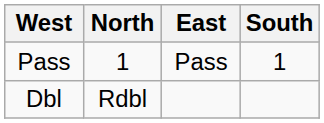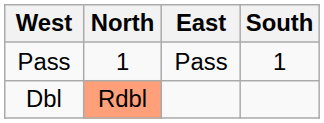 <table class='wikitable'>
 <tr>
 <th width="25%"><strong>West </strong></th>
 <th width="25%"><strong>North </strong></th>
 <th width="25%"><strong>East </strong></th>
 <th width="25%"><strong>South</strong></th>
 </tr>
 <tr align=center>
 <td>Pass</td>
 <td>1</td>
 <td>Pass</td>
 <td>1</td>
 </tr>
 <tr align=center>
 <td>Dbl</td>
-<td>Rdbl</td>
+<td style="background: lightsalmon;">Rdbl</td>
 <td></td>
 </tr>
 </table>
